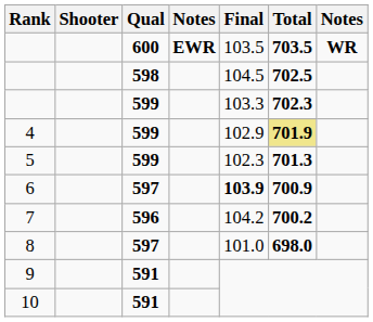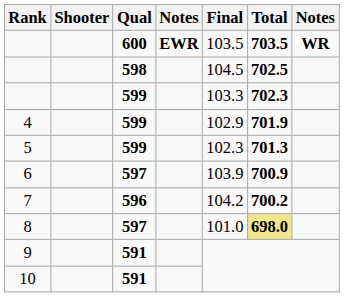 <table class="wikitable sortable" style="text-align: center">
 <tr>
 <th>Rank</th>
 <th>Shooter</th>
 <th>Qual</th>
 <th>Notes</th>
 <th>Final</th>
 <th>Total</th>
 <th>Notes</th>
 </tr>
 <tr>
 <td></td>
 <td align=left></td>
 <td><strong>600</strong></td>
 <td><strong>EWR</strong></td>
 <td>103.5</td>
 <td><strong>703.5</strong></td>
 <td><strong>WR</strong></td>
 </tr>
 <tr>
 <td></td>
 <td align=left></td>
 <td><strong>598</strong></td>
 <td></td>
 <td>104.5</td>
 <td><strong>702.5</strong></td>
 <td></td>
 </tr>
 <tr>
 <td></td>
 <td align=left></td>
 <td><strong>599</strong></td>
 <td></td>
 <td>103.3</td>
 <td><strong>702.3</strong></td>
 <td></td>
 </tr>
 <tr>
 <td>4</td>
 <td align=left></td>
 <td><strong>599</strong></td>
 <td></td>
 <td>102.9</td>
-<td style="background: khaki;"><strong>701.9</strong></td>
+<td><strong>701.9</strong></td>
 <td></td>
 </tr>
 <tr>
 <td>5</td>
 <td align=left></td>
 <td><strong>599</strong></td>
 <td></td>
 <td>102.3</td>
 <td><strong>701.3</strong></td>
 <td></td>
 </tr>
 <tr>
 <td>6</td>
 <td align=left></td>
 <td><strong>597</strong></td>
 <td></td>
-<td><strong>103.9</strong></td>
+<td>103.9</td>
 <td><strong>700.9</strong></td>
 <td></td>
 </tr>
 <tr>
 <td>7</td>
 <td align=left></td>
 <td><strong>596</strong></td>
 <td></td>
 <td>104.2</td>
 <td><strong>700.2</strong></td>
 <td></td>
 </tr>
 <tr>
 <td>8</td>
 <td align=left></td>
 <td><strong>597</strong></td>
 <td></td>
 <td>101.0</td>
-<td><strong>698.0</strong></td>
+<td style="background: khaki;"><strong>698.0</strong></td>
 <td></td>
 </tr>
 <tr>
 <td>9</td>
 <td align=left></td>
 <td><strong>591</strong></td>
 <td></td>
 </tr>
 <tr>
 <td>10</td>
 <td align=left></td>
 <td><strong>591</strong></td>
 <td></td>
 </tr>
 </table>
